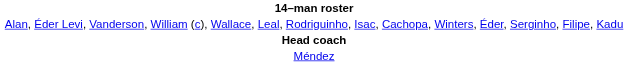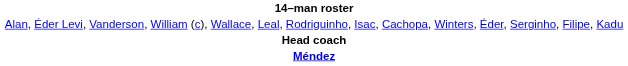 <table style="text-align:center; margin-top:2em; margin-left:auto; margin-right:auto">
 <tr>
 <td><strong>14–man roster</strong></td>
 </tr>
 <tr>
 <td><a href='#'>Alan</a>, <a href='#'>Éder Levi</a>, <a href='#'>Vanderson</a>, <a href='#'>William</a> (<a href='#'>c</a>), <a href='#'>Wallace</a>, <a href='#'>Leal</a>, <a href='#'>Rodriguinho</a>, <a href='#'>Isac</a>, <a href='#'>Cachopa</a>, <a href='#'>Winters</a>, <a href='#'>Éder</a>, <a href='#'>Serginho</a>, <a href='#'>Filipe</a>, <a href='#'>Kadu</a></td>
 </tr>
 <tr>
 <td><strong>Head coach</strong></td>
 </tr>
 <tr>
-<td><a href='#'>Méndez</a></td>
+<td><strong><a href='#'>Méndez</a></strong></td>
 </tr>
 </table>
